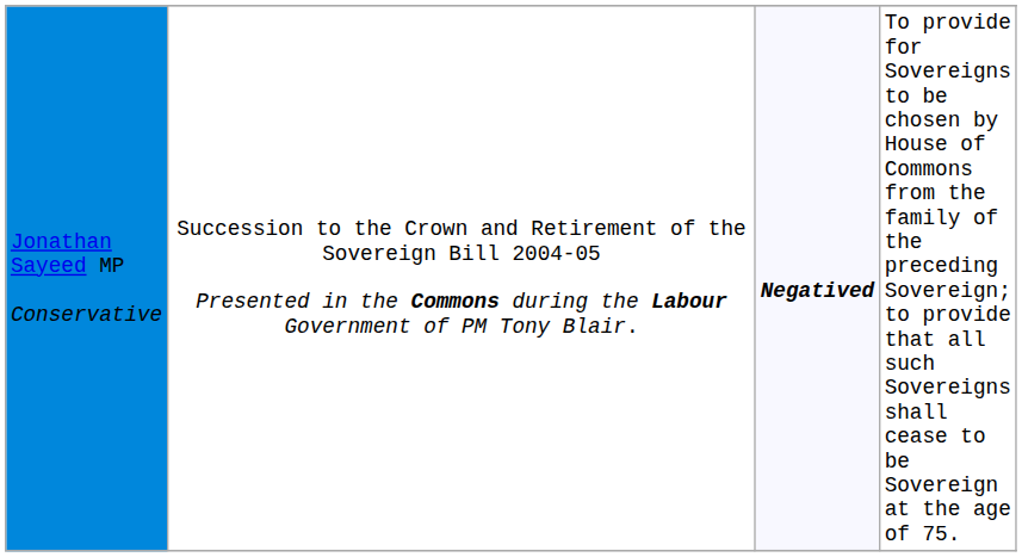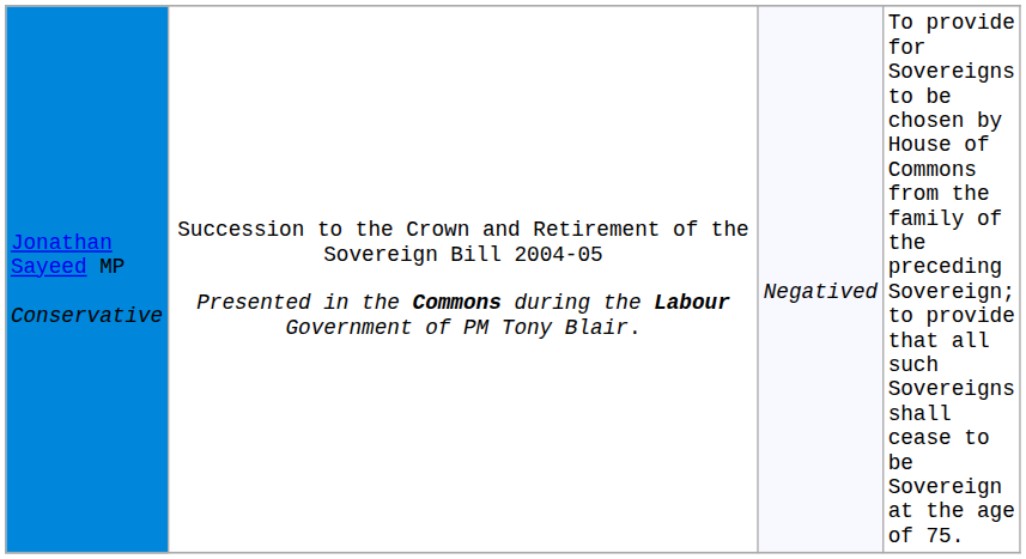 <table class="wikitable" width="100%">
 <tr bgcolor="#F8F8FF">
 </tr>
 <tr align="center" bgcolor="#F8F8FF">
 <td style="width: 13%;" align="left" bgcolor="#0087DC"><a href='#'>Jonathan Sayeed</a> MP<br><br><em>Conservative</em></td>
 <td style="width: 59%;" bgcolor="#FFFFFF" align="center">Succession to the Crown and Retirement of the Sovereign Bill 2004-05<br><br><em>Presented in the <strong>Commons</strong> during the <strong>Labour</strong> Government of PM Tony Blair</em>.</td>
-<td style="width: 8%;"><strong><br><em>Negatived</em></strong></td>
+<td style="width: 8%;"><br><em>Negatived</em></td>
 <td align="left" bgcolor="#FFFFFF">To provide for Sovereigns to be chosen by House of Commons from the family of the preceding Sovereign; to provide that all such Sovereigns shall cease to be Sovereign at the age of 75.</td>
 </tr>
 <tr>
 </tr>
 </table>
